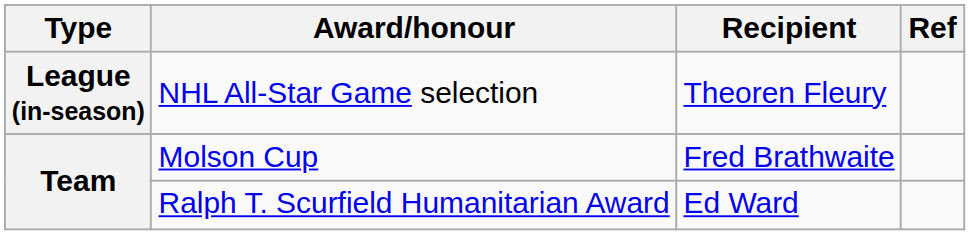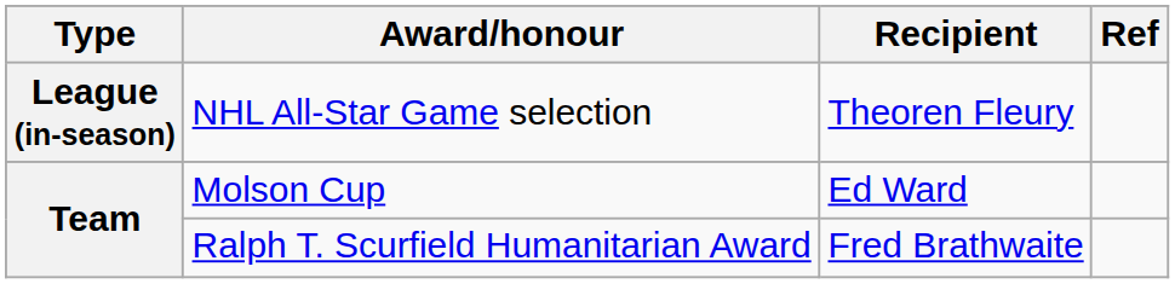 <table class="wikitable">
 <tr>
 <th scope="col">Type</th>
 <th scope="col">Award/honour</th>
 <th scope="col">Recipient</th>
 <th scope="col">Ref</th>
 </tr>
 <tr>
 <th scope="row">League<br><small>(in-season)</small></th>
 <td><a href='#'>NHL All-Star Game</a> selection</td>
 <td><a href='#'>Theoren Fleury</a></td>
 <td></td>
 </tr>
 <tr>
 <th scope="row" rowspan="2">Team</th>
 <td><a href='#'>Molson Cup</a></td>
-<td><a href='#'>Fred Brathwaite</a></td>
+<td><a href='#'>Ed Ward</a></td>
 <td></td>
 </tr>
 <tr>
 <td><a href='#'>Ralph T. Scurfield Humanitarian Award</a></td>
-<td><a href='#'>Ed Ward</a></td>
+<td><a href='#'>Fred Brathwaite</a></td>
 <td></td>
 </tr>
 </table>
